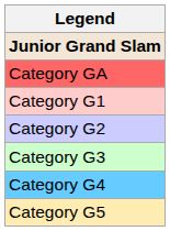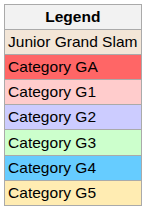 <table class="sortable wikitable" style=font-size:97%>
 <tr>
 <th>Legend</th>
 </tr>
 <tr bgcolor=#f3e6d7>
-<td><strong>Junior Grand Slam</strong></td>
+<td>Junior Grand Slam</td>
 </tr>
 <tr bgcolor=#FF6666>
 <td>Category GA</td>
 </tr>
 <tr bgcolor=#ffcccc>
 <td>Category G1</td>
 </tr>
 <tr bgcolor=#ccccff>
 <td>Category G2</td>
 </tr>
 <tr bgcolor=#CCFFCC>
 <td>Category G3</td>
 </tr>
 <tr bgcolor=#66CCFF>
 <td>Category G4</td>
 </tr>
 <tr bgcolor=#ffecb2>
 <td>Category G5</td>
 </tr>
 </table>
